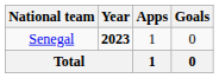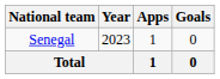 <table class="wikitable" style="text-align: center;">
 <tr>
 <th>National team</th>
 <th>Year</th>
 <th>Apps</th>
 <th>Goals</th>
 </tr>
 <tr>
 <td rowspan="1"><a href='#'>Senegal</a></td>
-<td><strong>2023</strong></td>
+<td>2023</td>
 <td>1</td>
 <td>0</td>
 </tr>
 <tr>
 <th colspan="2">Total</th>
 <th>1</th>
 <th>0</th>
 </tr>
 </table>
